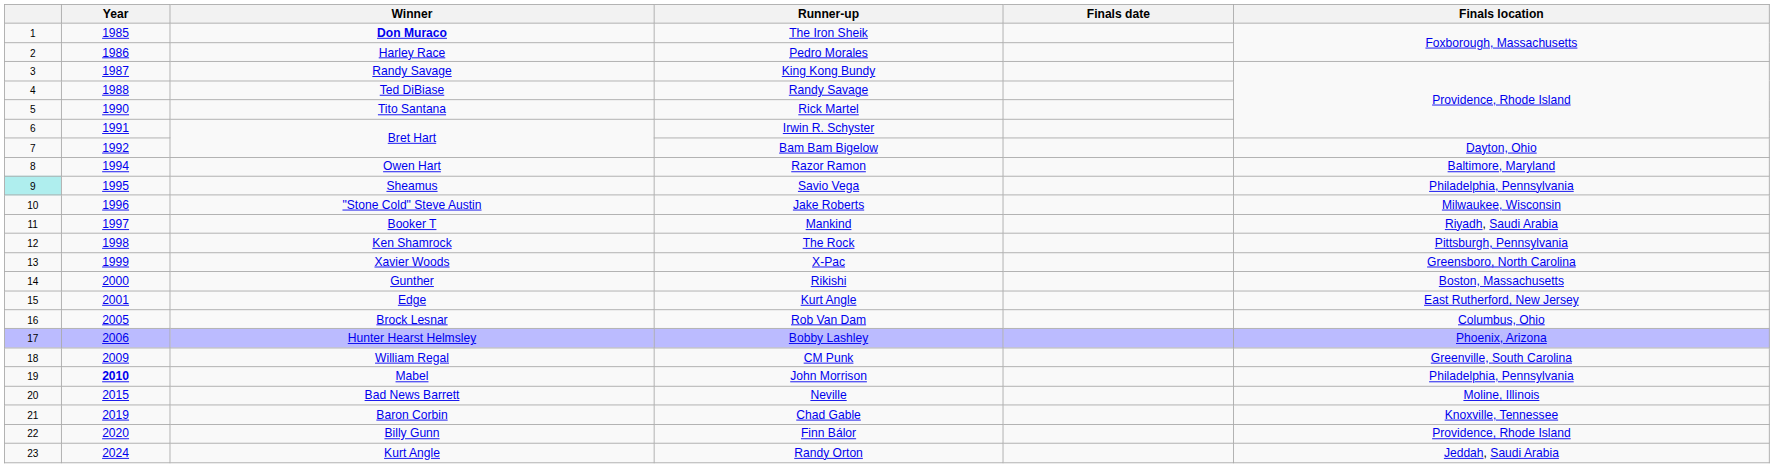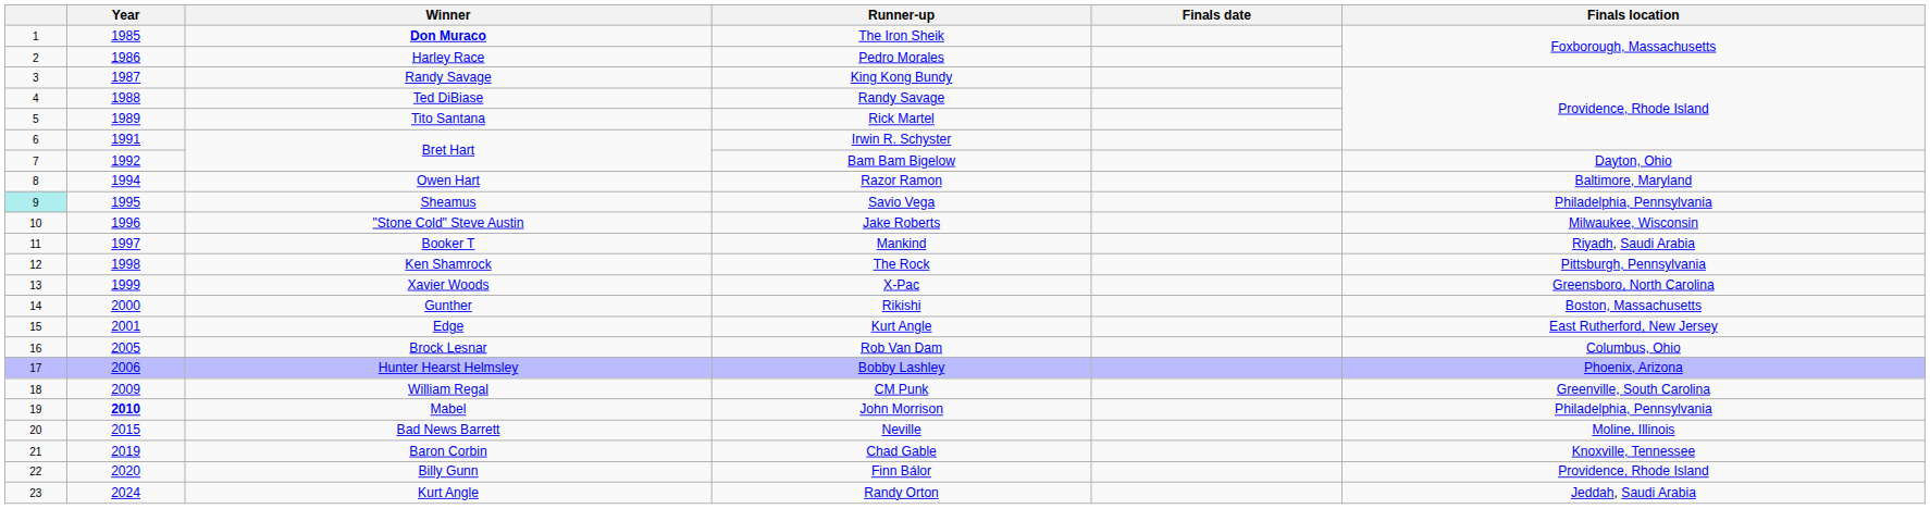 <table class="sortable wikitable succession-box" style="font-size:85%; text-align:center;" width="100%">
 <tr>
 <th></th>
 <th>Year</th>
 <th>Winner</th>
 <th>Runner-up</th>
 <th>Finals date</th>
 <th>Finals location</th>
 </tr>
 <tr>
 <td><small>1</small></td>
 <td><a href='#'>1985</a></td>
 <td><strong><a href='#'>Don Muraco</a></strong></td>
 <td><a href='#'>The Iron Sheik</a></td>
 <td><small></small></td>
 <td rowspan="2"><a href='#'>Foxborough, Massachusetts</a></td>
 </tr>
 <tr>
 <td><small>2</small></td>
 <td><a href='#'>1986</a></td>
 <td><a href='#'>Harley Race</a></td>
 <td><a href='#'>Pedro Morales</a></td>
 <td><small></small></td>
 </tr>
 <tr>
 <td><small>3</small></td>
 <td><a href='#'>1987</a></td>
 <td><a href='#'>Randy Savage</a></td>
 <td><a href='#'>King Kong Bundy</a></td>
 <td><small></small></td>
 <td rowspan="4"><a href='#'>Providence, Rhode Island</a></td>
 </tr>
 <tr>
 <td><small>4</small></td>
 <td><a href='#'>1988</a></td>
 <td><a href='#'>Ted DiBiase</a></td>
 <td><a href='#'>Randy Savage</a></td>
 <td><small></small></td>
 </tr>
 <tr>
 <td><small>5</small></td>
-<td><a href='#'>1990</a></td>
+<td><a href='#'>1989</a></td>
 <td><a href='#'>Tito Santana</a></td>
 <td><a href='#'>Rick Martel</a></td>
 <td><small></small></td>
 </tr>
 <tr>
 <td><small>6</small></td>
 <td><a href='#'>1991</a></td>
 <td rowspan="2"><a href='#'>Bret Hart</a></td>
 <td><a href='#'>Irwin R. Schyster</a></td>
 <td><small></small></td>
 </tr>
 <tr>
 <td><small>7</small></td>
 <td><a href='#'>1992</a></td>
 <td><a href='#'>Bam Bam Bigelow</a></td>
 <td><small></small></td>
 <td><a href='#'>Dayton, Ohio</a></td>
 </tr>
 <tr>
 <td><small>8</small></td>
 <td><a href='#'>1994</a></td>
 <td><a href='#'>Owen Hart</a></td>
 <td><a href='#'>Razor Ramon</a></td>
 <td><small></small></td>
 <td><a href='#'>Baltimore, Maryland</a></td>
 </tr>
 <tr>
 <td style="background: paleturquoise;"><small>9</small></td>
 <td><a href='#'>1995</a></td>
 <td><a href='#'>Sheamus</a></td>
 <td><a href='#'>Savio Vega</a></td>
 <td><small></small></td>
 <td><a href='#'>Philadelphia, Pennsylvania</a></td>
 </tr>
 <tr>
 <td><small>10</small></td>
 <td><a href='#'>1996</a></td>
 <td><a href='#'>"Stone Cold" Steve Austin</a></td>
 <td><a href='#'>Jake Roberts</a></td>
 <td><small></small></td>
 <td><a href='#'>Milwaukee, Wisconsin</a></td>
 </tr>
 <tr>
 <td><small>11</small></td>
 <td><a href='#'>1997</a></td>
 <td><a href='#'>Booker T</a></td>
 <td><a href='#'>Mankind</a></td>
 <td><small></small></td>
 <td><a href='#'>Riyadh</a>, <a href='#'>Saudi Arabia</a></td>
 </tr>
 <tr>
 <td><small>12</small></td>
 <td><a href='#'>1998</a></td>
 <td><a href='#'>Ken Shamrock</a></td>
 <td><a href='#'>The Rock</a></td>
 <td><small></small></td>
 <td><a href='#'>Pittsburgh, Pennsylvania</a></td>
 </tr>
 <tr>
 <td><small>13</small></td>
 <td><a href='#'>1999</a></td>
 <td><a href='#'>Xavier Woods</a></td>
 <td><a href='#'>X-Pac</a></td>
 <td><small></small></td>
 <td><a href='#'>Greensboro, North Carolina</a></td>
 </tr>
 <tr>
 <td><small>14</small></td>
 <td><a href='#'>2000</a></td>
 <td><a href='#'>Gunther</a></td>
 <td><a href='#'>Rikishi</a></td>
 <td><small></small></td>
 <td><a href='#'>Boston, Massachusetts</a></td>
 </tr>
 <tr>
 <td><small>15</small></td>
 <td><a href='#'>2001</a></td>
 <td><a href='#'>Edge</a></td>
 <td><a href='#'>Kurt Angle</a></td>
 <td><small></small></td>
 <td><a href='#'>East Rutherford, New Jersey</a></td>
 </tr>
 <tr>
 <td><small>16</small></td>
 <td><a href='#'>2005</a></td>
 <td><a href='#'>Brock Lesnar</a></td>
 <td><a href='#'>Rob Van Dam</a></td>
 <td><small></small></td>
 <td><a href='#'>Columbus, Ohio</a></td>
 </tr>
 <tr style="background: #BBF">
 <td><small>17</small></td>
 <td><a href='#'>2006</a></td>
 <td><a href='#'>Hunter Hearst Helmsley</a></td>
 <td><a href='#'>Bobby Lashley</a></td>
 <td><small></small></td>
 <td><a href='#'>Phoenix, Arizona</a></td>
 </tr>
 <tr>
 <td><small>18</small></td>
 <td><a href='#'>2009</a></td>
 <td><a href='#'>William Regal</a></td>
 <td><a href='#'>CM Punk</a></td>
 <td><small></small></td>
 <td><a href='#'>Greenville, South Carolina</a></td>
 </tr>
 <tr>
 <td><small>19</small></td>
 <td><strong><a href='#'>2010</a></strong></td>
 <td><a href='#'>Mabel</a></td>
 <td><a href='#'>John Morrison</a></td>
 <td><small></small></td>
 <td><a href='#'>Philadelphia, Pennsylvania</a></td>
 </tr>
 <tr>
 <td><small>20</small></td>
 <td><a href='#'>2015</a></td>
 <td><a href='#'>Bad News Barrett</a></td>
 <td><a href='#'>Neville</a></td>
 <td><small></small></td>
 <td><a href='#'>Moline, Illinois</a></td>
 </tr>
 <tr>
 <td><small>21</small></td>
 <td><a href='#'>2019</a></td>
 <td><a href='#'>Baron Corbin</a></td>
 <td><a href='#'>Chad Gable</a></td>
 <td><small></small></td>
 <td><a href='#'>Knoxville, Tennessee</a></td>
 </tr>
 <tr>
 <td><small>22</small></td>
 <td><a href='#'>2020</a></td>
 <td><a href='#'>Billy Gunn</a></td>
 <td><a href='#'>Finn Bálor</a></td>
 <td><small></small></td>
 <td><a href='#'>Providence, Rhode Island</a></td>
 </tr>
 <tr>
 <td><small>23</small></td>
 <td><a href='#'>2024</a></td>
 <td><a href='#'>Kurt Angle</a></td>
 <td><a href='#'>Randy Orton</a></td>
 <td><small></small></td>
 <td><a href='#'>Jeddah</a>, <a href='#'>Saudi Arabia</a></td>
 </tr>
 </table>
